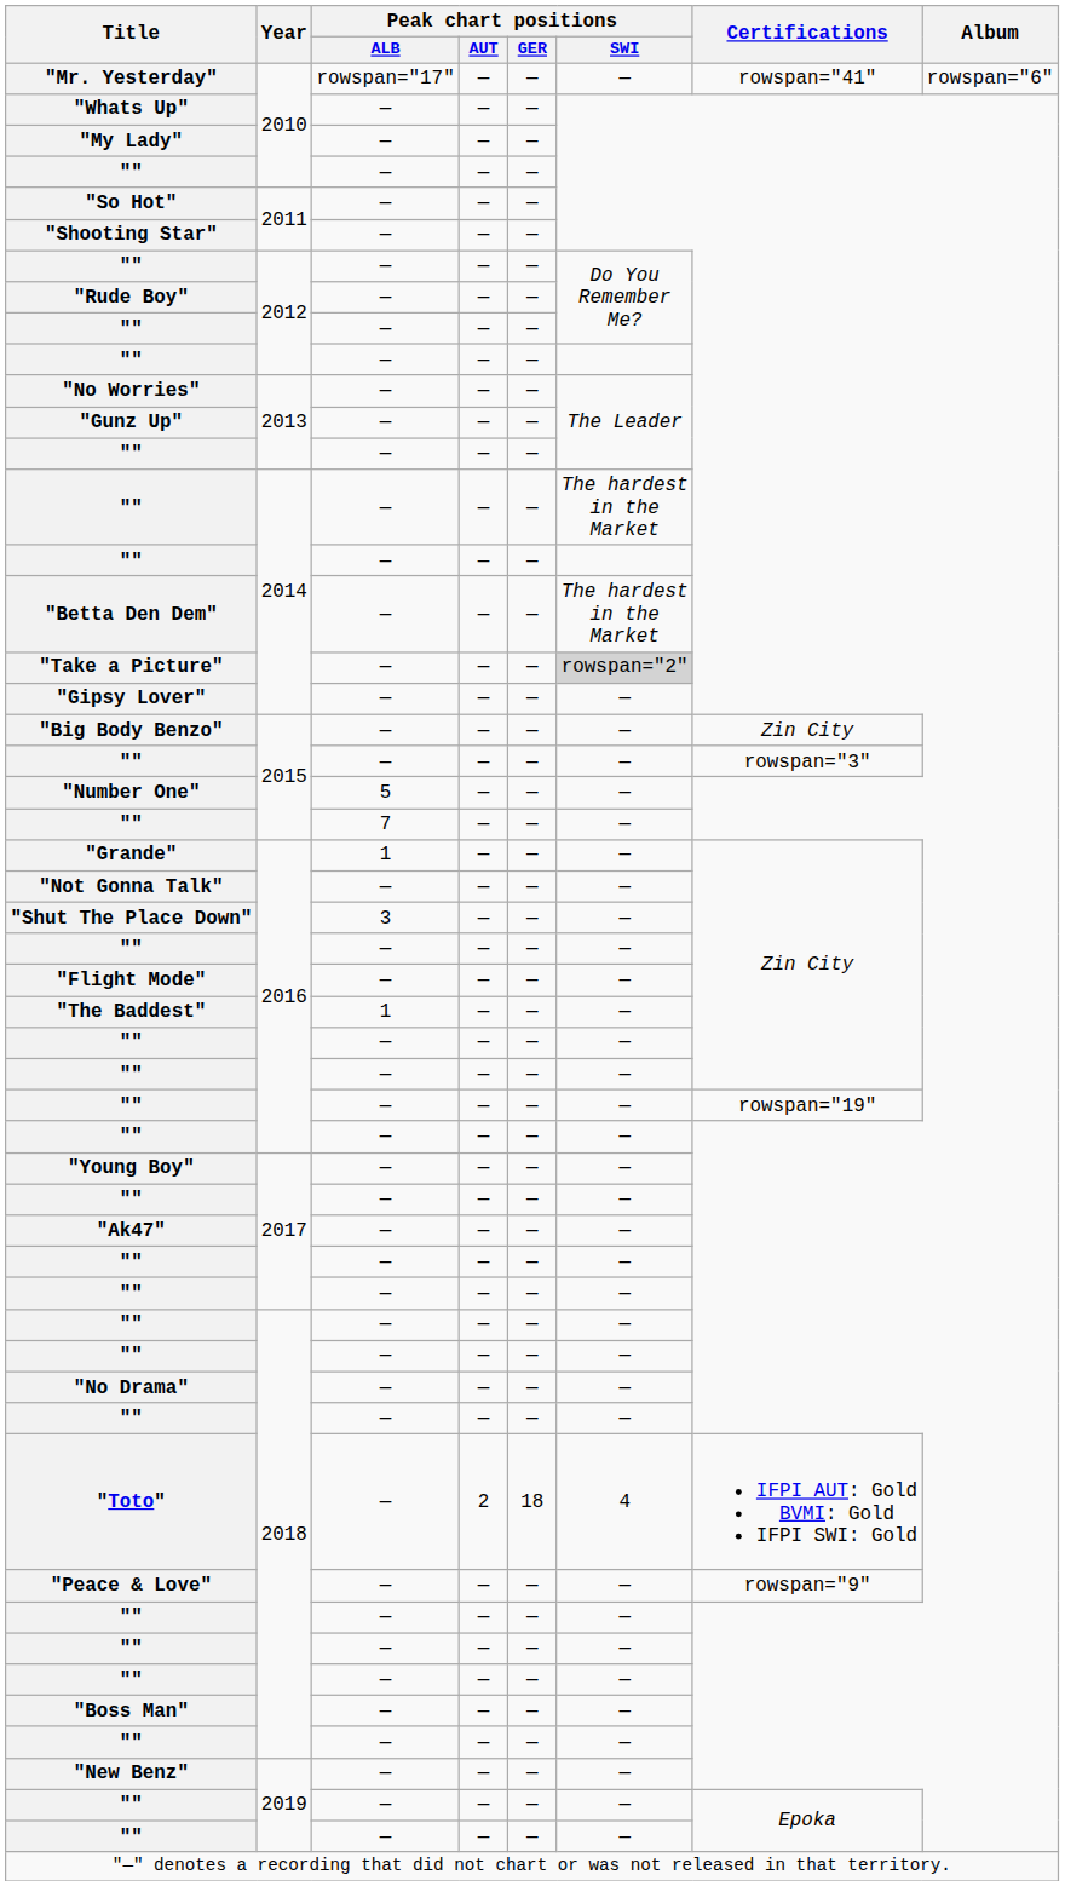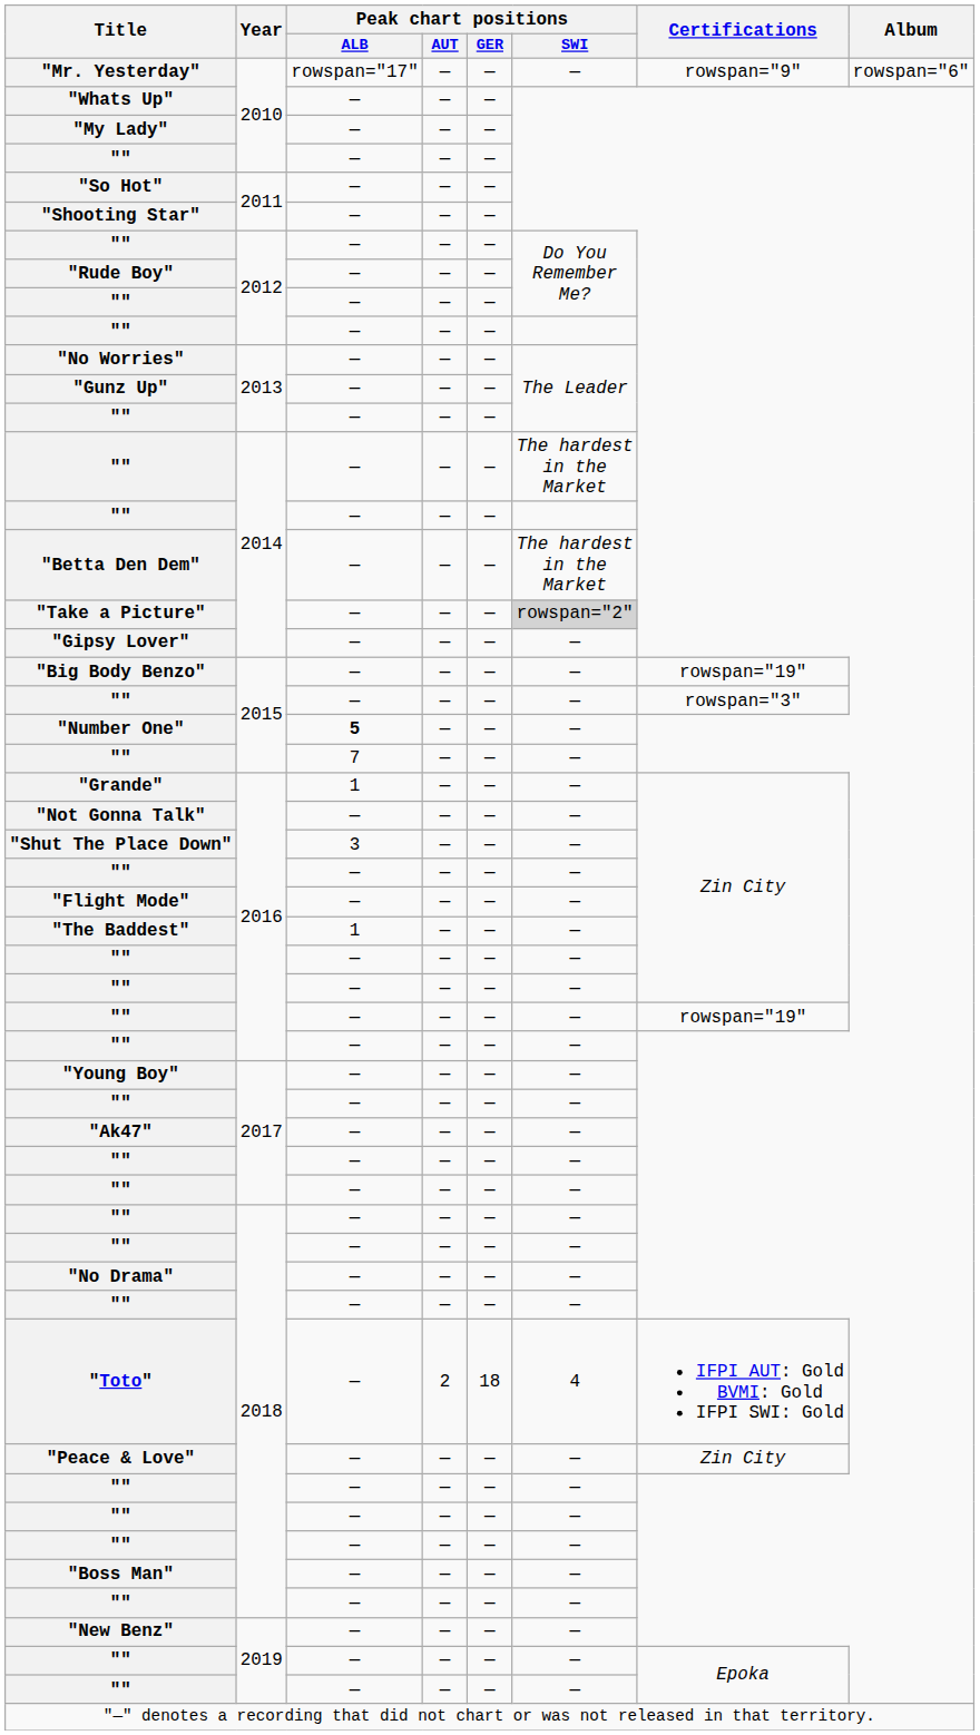 <table class="wikitable plainrowheaders" style="text-align:center;">
 <tr>
 <th scope="col" rowspan="2">Title</th>
 <th scope="col" rowspan="2">Year</th>
 <th scope="col" colspan="4">Peak chart positions</th>
 <th scope="col" rowspan="2"><a href='#'>Certifications</a></th>
 <th scope="col" rowspan="2">Album</th>
 </tr>
 <tr>
 <th style="width:2.5em; font-size:85%;"><a href='#'>ALB</a><br></th>
 <th style="width:2.5em; font-size:85%;"><a href='#'>AUT</a><br></th>
 <th style="width:2.5em; font-size:85%;"><a href='#'>GER</a><br></th>
 <th style="width:2.5em; font-size:85%;"><a href='#'>SWI</a><br></th>
 </tr>
 <tr>
 <th scope="row">"Mr. Yesterday"<br></th>
 <td rowspan="4">2010</td>
 <td>rowspan="17" </td>
 <td>—</td>
 <td>—</td>
 <td>—</td>
-<td>rowspan="41" </td>
+<td>rowspan="9" </td>
 <td>rowspan="6" </td>
 </tr>
 <tr>
 <th scope="row">"Whats Up"<br></th>
 <td>—</td>
 <td>—</td>
 <td>—</td>
 </tr>
 <tr>
 <th scope="row">"My Lady"</th>
 <td>—</td>
 <td>—</td>
 <td>—</td>
 </tr>
 <tr>
 <th scope="row">""</th>
 <td>—</td>
 <td>—</td>
 <td>—</td>
 </tr>
 <tr>
 <th scope="row">"So Hot"<br></th>
 <td rowspan="2">2011</td>
 <td>—</td>
 <td>—</td>
 <td>—</td>
 </tr>
 <tr>
 <th scope="row">"Shooting Star"</th>
 <td>—</td>
 <td>—</td>
 <td>—</td>
 </tr>
 <tr>
 <th scope="row">""<br></th>
 <td rowspan="4">2012</td>
 <td>—</td>
 <td>—</td>
 <td>—</td>
 <td rowspan="3"><em>Do You Remember Me?</em></td>
 </tr>
 <tr>
 <th scope="row">"Rude Boy"</th>
 <td>—</td>
 <td>—</td>
 <td>—</td>
 </tr>
 <tr>
 <th scope="row">""</th>
 <td>—</td>
 <td>—</td>
 <td>—</td>
 </tr>
 <tr>
 <th scope="row">""</th>
 <td>—</td>
 <td>—</td>
 <td>—</td>
 <td></td>
 </tr>
 <tr>
 <th scope="row">"No Worries"</th>
 <td rowspan="3">2013</td>
 <td>—</td>
 <td>—</td>
 <td>—</td>
 <td rowspan="3"><em>The Leader</em></td>
 </tr>
 <tr>
 <th scope="row">"Gunz Up"</th>
 <td>—</td>
 <td>—</td>
 <td>—</td>
 </tr>
 <tr>
 <th scope="row">""<br></th>
 <td>—</td>
 <td>—</td>
 <td>—</td>
 </tr>
 <tr>
 <th scope="row">""</th>
 <td rowspan="5">2014</td>
 <td>—</td>
 <td>—</td>
 <td>—</td>
 <td><em>The hardest in the Market</em></td>
 </tr>
 <tr>
 <th scope="row">""<br></th>
 <td>—</td>
 <td>—</td>
 <td>—</td>
 <td></td>
 </tr>
 <tr>
 <th scope="row">"Betta Den Dem"</th>
 <td>—</td>
 <td>—</td>
 <td>—</td>
 <td><em>The hardest in the Market</em></td>
 </tr>
 <tr>
 <th scope="row">"Take a Picture"<br></th>
 <td>—</td>
 <td>—</td>
 <td>—</td>
 <td style="background: lightgrey;">rowspan="2" </td>
 </tr>
 <tr>
 <th scope="row">"Gipsy Lover"<br></th>
 <td>—</td>
 <td>—</td>
 <td>—</td>
 <td>—</td>
 </tr>
 <tr>
 <th scope="row">"Big Body Benzo"</th>
 <td rowspan="4">2015</td>
 <td>—</td>
 <td>—</td>
 <td>—</td>
 <td>—</td>
-<td><em>Zin City</em></td>
+<td>rowspan="19" </td>
 </tr>
 <tr>
 <th scope="row">""<br></th>
 <td>—</td>
 <td>—</td>
 <td>—</td>
 <td>—</td>
 <td>rowspan="3" </td>
 </tr>
 <tr>
 <th scope="row">"Number One"</th>
-<td>5</td>
+<td><strong>5</strong></td>
 <td>—</td>
 <td>—</td>
 <td>—</td>
 </tr>
 <tr>
 <th scope="row">""</th>
 <td>7</td>
 <td>—</td>
 <td>—</td>
 <td>—</td>
 </tr>
 <tr>
 <th scope="row">"Grande"</th>
 <td rowspan="10">2016</td>
 <td>1</td>
 <td>—</td>
 <td>—</td>
 <td>—</td>
 <td rowspan="8"><em>Zin City</em></td>
 </tr>
 <tr>
 <th scope="row">"Not Gonna Talk"</th>
 <td>—</td>
 <td>—</td>
 <td>—</td>
 <td>—</td>
 </tr>
 <tr>
 <th scope="row">"Shut The Place Down"<br></th>
 <td>3</td>
 <td>—</td>
 <td>—</td>
 <td>—</td>
 </tr>
 <tr>
 <th scope="row">""</th>
 <td>—</td>
 <td>—</td>
 <td>—</td>
 <td>—</td>
 </tr>
 <tr>
 <th scope="row">"Flight Mode"<br></th>
 <td>—</td>
 <td>—</td>
 <td>—</td>
 <td>—</td>
 </tr>
 <tr>
 <th scope="row">"The Baddest"</th>
 <td>1</td>
 <td>—</td>
 <td>—</td>
 <td>—</td>
 </tr>
 <tr>
 <th scope="row">""<br></th>
 <td>—</td>
 <td>—</td>
 <td>—</td>
 <td>—</td>
 </tr>
 <tr>
 <th scope="row">""<br></th>
 <td>—</td>
 <td>—</td>
 <td>—</td>
 <td>—</td>
 </tr>
 <tr>
 <th scope="row">""</th>
 <td>—</td>
 <td>—</td>
 <td>—</td>
 <td>—</td>
 <td>rowspan="19" </td>
 </tr>
 <tr>
 <th scope="row">""</th>
 <td>—</td>
 <td>—</td>
 <td>—</td>
 <td>—</td>
 </tr>
 <tr>
 <th scope="row">"Young Boy"</th>
 <td rowspan="5">2017</td>
 <td>—</td>
 <td>—</td>
 <td>—</td>
 <td>—</td>
 </tr>
 <tr>
 <th scope="row">""</th>
 <td>—</td>
 <td>—</td>
 <td>—</td>
 <td>—</td>
 </tr>
 <tr>
 <th scope="row">"Ak47"</th>
 <td>—</td>
 <td>—</td>
 <td>—</td>
 <td>—</td>
 </tr>
 <tr>
 <th scope="row">""<br></th>
 <td>—</td>
 <td>—</td>
 <td>—</td>
 <td>—</td>
 </tr>
 <tr>
 <th scope="row">""</th>
 <td>—</td>
 <td>—</td>
 <td>—</td>
 <td>—</td>
 </tr>
 <tr>
 <th scope="row">""</th>
 <td rowspan="11">2018</td>
 <td>—</td>
 <td>—</td>
 <td>—</td>
 <td>—</td>
 </tr>
 <tr>
 <th scope="row">""</th>
 <td>—</td>
 <td>—</td>
 <td>—</td>
 <td>—</td>
 </tr>
 <tr>
 <th scope="row">"No Drama"<br></th>
 <td>—</td>
 <td>—</td>
 <td>—</td>
 <td>—</td>
 </tr>
 <tr>
 <th scope="row">""</th>
 <td>—</td>
 <td>—</td>
 <td>—</td>
 <td>—</td>
 </tr>
 <tr>
 <th scope="row">"<a href='#'>Toto</a>"<br></th>
 <td>—</td>
 <td>2</td>
 <td>18</td>
 <td>4</td>
 <td><br><ul><li><a href='#'>IFPI AUT</a>: Gold</li><li><a href='#'>BVMI</a>: Gold</li><li>IFPI SWI: Gold</li></ul></td>
 </tr>
 <tr>
 <th scope="row">"Peace & Love"</th>
 <td>—</td>
 <td>—</td>
 <td>—</td>
 <td>—</td>
-<td>rowspan="9" </td>
+<td><em>Zin City</em></td>
 </tr>
 <tr>
 <th scope="row">""<br></th>
 <td>—</td>
 <td>—</td>
 <td>—</td>
 <td>—</td>
 </tr>
 <tr>
 <th scope="row">""<br></th>
 <td>—</td>
 <td>—</td>
 <td>—</td>
 <td>—</td>
 </tr>
 <tr>
 <th scope="row">""<br></th>
 <td>—</td>
 <td>—</td>
 <td>—</td>
 <td>—</td>
 </tr>
 <tr>
 <th scope="row">"Boss Man"<br></th>
 <td>—</td>
 <td>—</td>
 <td>—</td>
 <td>—</td>
 </tr>
 <tr>
 <th scope="row">""<br></th>
 <td>—</td>
 <td>—</td>
 <td>—</td>
 <td>—</td>
 </tr>
 <tr>
 <th scope="row">"New Benz"<br></th>
 <td rowspan="3">2019</td>
 <td>—</td>
 <td>—</td>
 <td>—</td>
 <td>—</td>
 </tr>
 <tr>
 <th scope="row">""</th>
 <td>—</td>
 <td>—</td>
 <td>—</td>
 <td>—</td>
 <td rowspan="2"><em>Epoka</em></td>
 </tr>
 <tr>
 <th scope="row">""</th>
 <td>—</td>
 <td>—</td>
 <td>—</td>
 <td>—</td>
 </tr>
 <tr>
 <td colspan="8" style="font-size:90%">"—" denotes a recording that did not chart or was not released in that territory.</td>
 </tr>
 </table>
